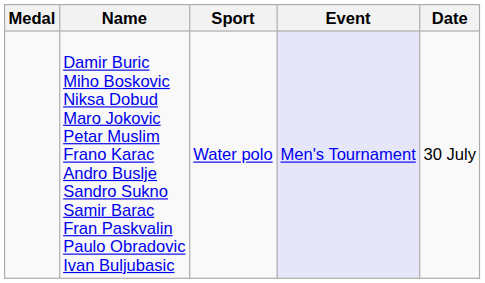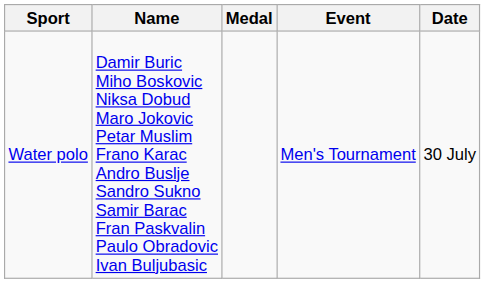 <table class="wikitable sortable" style="font-size:90%">
 <tr>
+<th>Sport</th>
+<th>Name</th>
 <th>Medal</th>
-<th>Name</th>
-<th>Sport</th>
 <th>Event</th>
 <th>Date</th>
 </tr>
 <tr>
+<td><a href='#'>Water polo</a></td>
+<td><br><a href='#'>Damir Buric</a><br><a href='#'>Miho Boskovic</a><br><a href='#'>Niksa Dobud</a><br><a href='#'>Maro Jokovic</a><br><a href='#'>Petar Muslim</a><br><a href='#'>Frano Karac</a><br><a href='#'>Andro Buslje</a><br><a href='#'>Sandro Sukno</a><br><a href='#'>Samir Barac</a><br><a href='#'>Fran Paskvalin</a><br><a href='#'>Paulo Obradovic</a><br><a href='#'>Ivan Buljubasic</a></td>
 <td></td>
-<td><br><a href='#'>Damir Buric</a><br><a href='#'>Miho Boskovic</a><br><a href='#'>Niksa Dobud</a><br><a href='#'>Maro Jokovic</a><br><a href='#'>Petar Muslim</a><br><a href='#'>Frano Karac</a><br><a href='#'>Andro Buslje</a><br><a href='#'>Sandro Sukno</a><br><a href='#'>Samir Barac</a><br><a href='#'>Fran Paskvalin</a><br><a href='#'>Paulo Obradovic</a><br><a href='#'>Ivan Buljubasic</a></td>
-<td><a href='#'>Water polo</a></td>
-<td style="background: lavender;"><a href='#'>Men's Tournament</a></td>
+<td><a href='#'>Men's Tournament</a></td>
 <td>30 July</td>
 </tr>
 </table>
